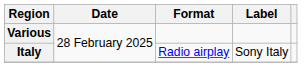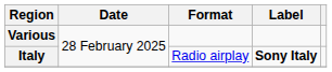 <table class="wikitable plainrowheaders">
 <tr>
 <th scope="col">Region</th>
 <th scope="col">Date</th>
 <th scope="col">Format</th>
 <th scope="col">Label</th>
 <th scope="col"></th>
 </tr>
 <tr>
 <th scope="row">Various</th>
 <td rowspan="2">28 February 2025</td>
 <td></td>
 <td></td>
 <td style="text-align:center"></td>
 </tr>
 <tr>
 <th scope="row">Italy</th>
 <td><a href='#'>Radio airplay</a></td>
-<td>Sony Italy</td>
+<td><strong>Sony Italy</strong></td>
 <td style="text-align:center"></td>
 </tr>
 <tr>
 </tr>
 </table>
